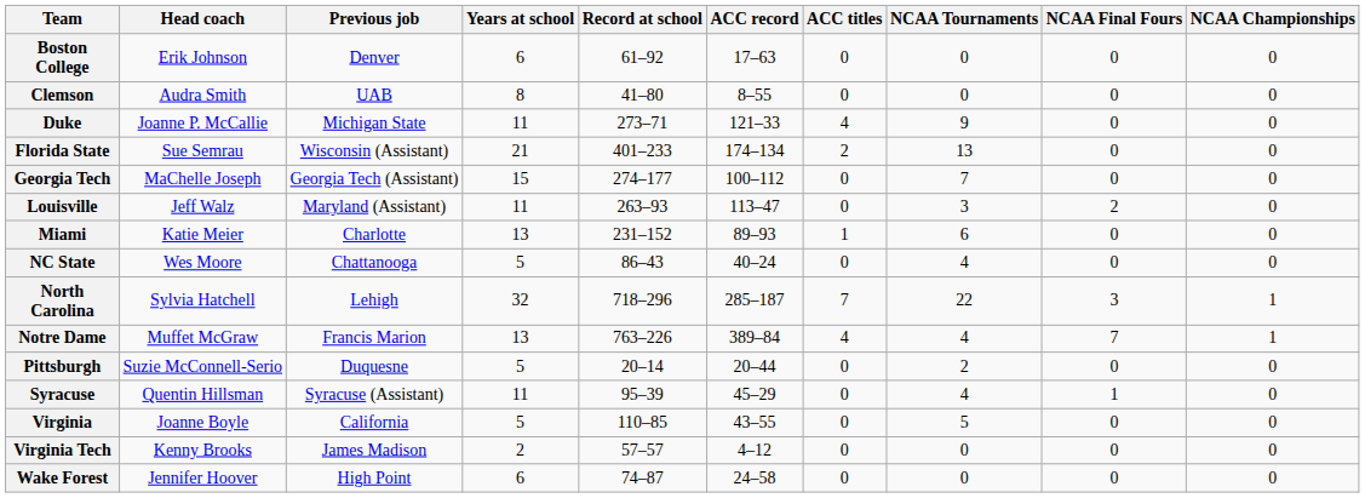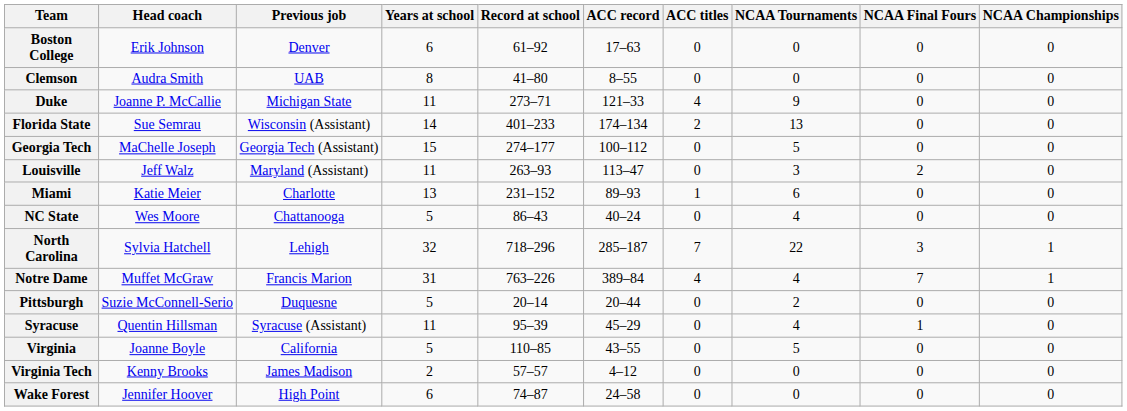 <table class="wikitable sortable" style="text-align: center;font-size:90%;">
 <tr>
 <th width="90">Team</th>
 <th>Head coach</th>
 <th>Previous job</th>
 <th>Years at school</th>
 <th>Record at school</th>
 <th>ACC record</th>
 <th>ACC titles</th>
 <th>NCAA Tournaments</th>
 <th>NCAA Final Fours</th>
 <th>NCAA Championships</th>
 </tr>
 <tr>
 <th style=>Boston College</th>
 <td><a href='#'>Erik Johnson</a></td>
 <td><a href='#'>Denver</a></td>
 <td>6</td>
 <td>61–92</td>
 <td>17–63</td>
 <td>0</td>
 <td>0</td>
 <td>0</td>
 <td>0</td>
 </tr>
 <tr>
 <th>Clemson</th>
 <td><a href='#'>Audra Smith</a></td>
 <td><a href='#'>UAB</a></td>
 <td>8</td>
 <td>41–80</td>
 <td>8–55</td>
 <td>0</td>
 <td>0</td>
 <td>0</td>
 <td>0</td>
 </tr>
 <tr>
 <th>Duke</th>
 <td><a href='#'>Joanne P. McCallie</a></td>
 <td><a href='#'>Michigan State</a></td>
 <td>11</td>
 <td>273–71</td>
 <td>121–33</td>
 <td>4</td>
 <td>9</td>
 <td>0</td>
 <td>0</td>
 </tr>
 <tr>
 <th style=>Florida State</th>
 <td><a href='#'>Sue Semrau</a></td>
 <td><a href='#'>Wisconsin</a> (Assistant)</td>
-<td>21</td>
+<td>14</td>
 <td>401–233</td>
 <td>174–134</td>
 <td>2</td>
 <td>13</td>
 <td>0</td>
 <td>0</td>
 </tr>
 <tr>
 <th>Georgia Tech</th>
 <td><a href='#'>MaChelle Joseph</a></td>
 <td><a href='#'>Georgia Tech</a> (Assistant)</td>
 <td>15</td>
 <td>274–177</td>
 <td>100–112</td>
 <td>0</td>
-<td>7</td>
+<td>5</td>
 <td>0</td>
 <td>0</td>
 </tr>
 <tr>
 <th>Louisville</th>
 <td><a href='#'>Jeff Walz</a></td>
 <td><a href='#'>Maryland</a> (Assistant)</td>
 <td>11</td>
 <td>263–93</td>
 <td>113–47</td>
 <td>0</td>
 <td>3</td>
 <td>2</td>
 <td>0</td>
 </tr>
 <tr>
 <th>Miami</th>
 <td><a href='#'>Katie Meier</a></td>
 <td><a href='#'>Charlotte</a></td>
 <td>13</td>
 <td>231–152</td>
 <td>89–93</td>
 <td>1</td>
 <td>6</td>
 <td>0</td>
 <td>0</td>
 </tr>
 <tr>
 <th>NC State</th>
 <td><a href='#'>Wes Moore</a></td>
 <td><a href='#'>Chattanooga</a></td>
 <td>5</td>
 <td>86–43</td>
 <td>40–24</td>
 <td>0</td>
 <td>4</td>
 <td>0</td>
 <td>0</td>
 </tr>
 <tr>
 <th>North Carolina</th>
 <td><a href='#'>Sylvia Hatchell</a></td>
 <td><a href='#'>Lehigh</a></td>
 <td>32</td>
 <td>718–296</td>
 <td>285–187</td>
 <td>7</td>
 <td>22</td>
 <td>3</td>
 <td>1</td>
 </tr>
 <tr>
 <th style=>Notre Dame</th>
 <td><a href='#'>Muffet McGraw</a></td>
 <td><a href='#'>Francis Marion</a></td>
-<td>13</td>
+<td>31</td>
 <td>763–226</td>
 <td>389–84</td>
 <td>4</td>
 <td>4</td>
 <td>7</td>
 <td>1</td>
 </tr>
 <tr>
 <th style=>Pittsburgh</th>
 <td><a href='#'>Suzie McConnell-Serio</a></td>
 <td><a href='#'>Duquesne</a></td>
 <td>5</td>
 <td>20–14</td>
 <td>20–44</td>
 <td>0</td>
 <td>2</td>
 <td>0</td>
 <td>0</td>
 </tr>
 <tr>
 <th style=>Syracuse</th>
 <td><a href='#'>Quentin Hillsman</a></td>
 <td><a href='#'>Syracuse</a> (Assistant)</td>
 <td>11</td>
 <td>95–39</td>
 <td>45–29</td>
 <td>0</td>
 <td>4</td>
 <td>1</td>
 <td>0</td>
 </tr>
 <tr>
 <th>Virginia</th>
 <td><a href='#'>Joanne Boyle</a></td>
 <td><a href='#'>California</a></td>
 <td>5</td>
 <td>110–85</td>
 <td>43–55</td>
 <td>0</td>
 <td>5</td>
 <td>0</td>
 <td>0</td>
 </tr>
 <tr>
 <th>Virginia Tech</th>
 <td><a href='#'>Kenny Brooks</a></td>
 <td><a href='#'>James Madison</a></td>
 <td>2</td>
 <td>57–57</td>
 <td>4–12</td>
 <td>0</td>
 <td>0</td>
 <td>0</td>
 <td>0</td>
 </tr>
 <tr>
 <th style=>Wake Forest</th>
 <td><a href='#'>Jennifer Hoover</a></td>
 <td><a href='#'>High Point</a></td>
 <td>6</td>
 <td>74–87</td>
 <td>24–58</td>
 <td>0</td>
 <td>0</td>
 <td>0</td>
 <td>0</td>
 </tr>
 </table>
